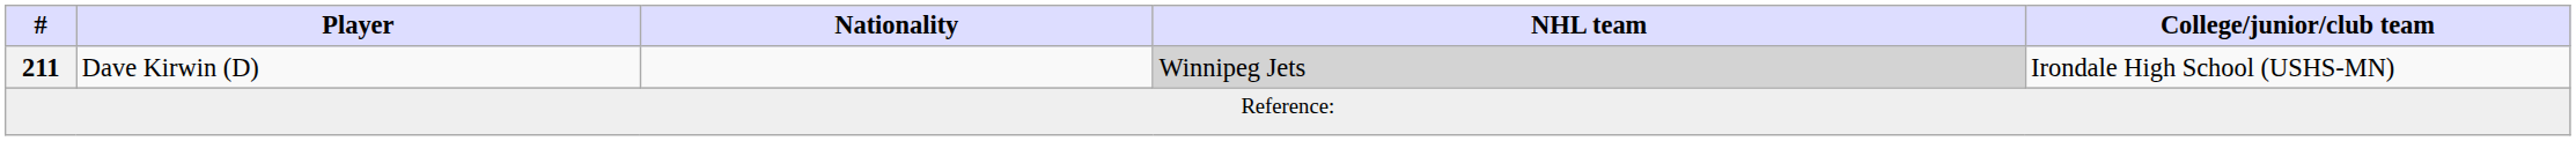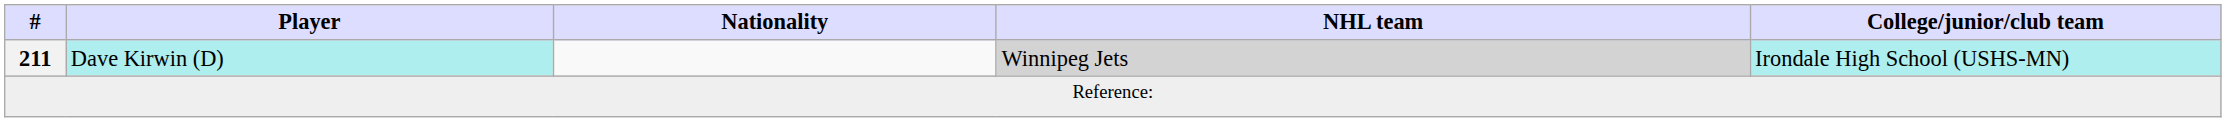 <table class="wikitable" style="width: 100%">
 <tr>
 <th style="background:#ddf; width:2.75%;">#</th>
 <th style="background:#ddf; width:22.0%;">Player</th>
 <th style="background:#ddf; width:20.0%;">Nationality</th>
 <th style="background:#ddf; width:34.0%;">NHL team</th>
 <th style="background:#ddf; width:100.0%;">College/junior/club team</th>
 </tr>
 <tr>
 <th>211</th>
-<td>Dave Kirwin (D)</td>
+<td style="background: paleturquoise;">Dave Kirwin (D)</td>
 <td></td>
 <td style="background: lightgrey;">Winnipeg Jets</td>
-<td>Irondale High School (USHS-MN)</td>
+<td style="background: paleturquoise;">Irondale High School (USHS-MN)</td>
 </tr>
 <tr>
 <td align=center colspan="6" bgcolor="#efefef"><sup>Reference:  </sup></td>
 </tr>
 </table>
